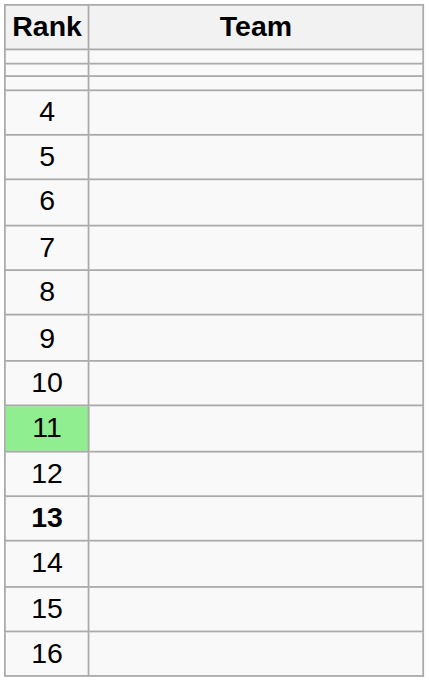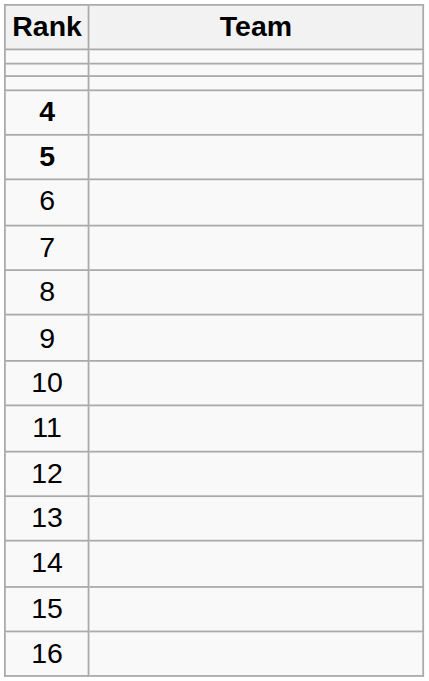 <table class="wikitable" style="text-align: center;">
 <tr>
 <th width=40>Rank</th>
 <th width=180>Team</th>
 </tr>
 <tr align=center>
 <td></td>
 <td align="left"></td>
 </tr>
 <tr align=center>
 <td></td>
 <td align="left"></td>
 </tr>
 <tr align=center>
 <td></td>
 <td align=left></td>
 </tr>
 <tr align=center>
-<td>4</td>
+<td><strong>4</strong></td>
 <td style="text-align:left;"></td>
 </tr>
 <tr align=center>
-<td>5</td>
+<td><strong>5</strong></td>
 <td style="text-align:left;"></td>
 </tr>
 <tr align=center>
 <td>6</td>
 <td style="text-align:left;"></td>
 </tr>
 <tr align=center>
 <td>7</td>
 <td style="text-align:left;"></td>
 </tr>
 <tr align=center>
 <td>8</td>
 <td style="text-align:left;"></td>
 </tr>
 <tr align=center>
 <td>9</td>
 <td style="text-align:left;"></td>
 </tr>
 <tr align=center>
 <td>10</td>
 <td style="text-align:left;"></td>
 </tr>
 <tr align=center>
-<td style="background: lightgreen;">11</td>
+<td>11</td>
 <td style="text-align:left;"></td>
 </tr>
 <tr align=center>
 <td>12</td>
 <td style="text-align:left;"></td>
 </tr>
 <tr align=center>
-<td><strong>13</strong></td>
+<td>13</td>
 <td style="text-align:left;"></td>
 </tr>
 <tr align=center>
 <td>14</td>
 <td style="text-align:left;"></td>
 </tr>
 <tr align=center>
 <td>15</td>
 <td style="text-align:left;"></td>
 </tr>
 <tr align=center>
 <td>16</td>
 <td style="text-align:left;"></td>
 </tr>
 </table>
